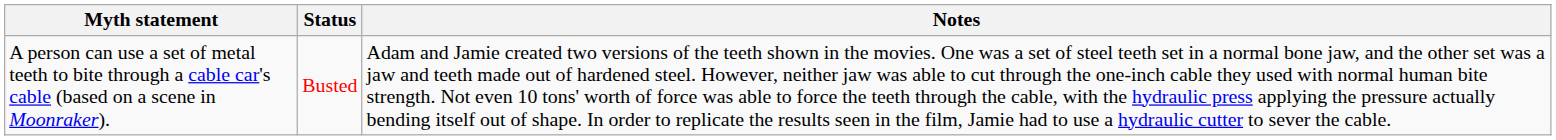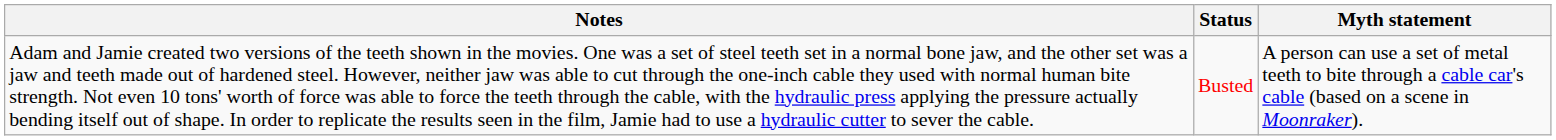 <table class="wikitable plainrowheaders">
 <tr>
+<th>Notes</th>
+<th>Status</th>
 <th>Myth statement</th>
-<th>Status</th>
-<th>Notes</th>
 </tr>
 <tr>
+<td>Adam and Jamie created two versions of the teeth shown in the movies. One was a set of steel teeth set in a normal bone jaw, and the other set was a jaw and teeth made out of hardened steel. However, neither jaw was able to cut through the one-inch cable they used with normal human bite strength. Not even 10 tons' worth of force was able to force the teeth through the cable, with the <a href='#'>hydraulic press</a> applying the pressure actually bending itself out of shape. In order to replicate the results seen in the film, Jamie had to use a <a href='#'>hydraulic cutter</a> to sever the cable.</td>
+<td style="color:red">Busted</td>
 <td>A person can use a set of metal teeth to bite through a <a href='#'>cable car</a>'s <a href='#'>cable</a> (based on a scene in <em><a href='#'>Moonraker</a></em>).</td>
-<td style="color:red">Busted</td>
-<td>Adam and Jamie created two versions of the teeth shown in the movies. One was a set of steel teeth set in a normal bone jaw, and the other set was a jaw and teeth made out of hardened steel. However, neither jaw was able to cut through the one-inch cable they used with normal human bite strength. Not even 10 tons' worth of force was able to force the teeth through the cable, with the <a href='#'>hydraulic press</a> applying the pressure actually bending itself out of shape. In order to replicate the results seen in the film, Jamie had to use a <a href='#'>hydraulic cutter</a> to sever the cable.</td>
 </tr>
 </table>
